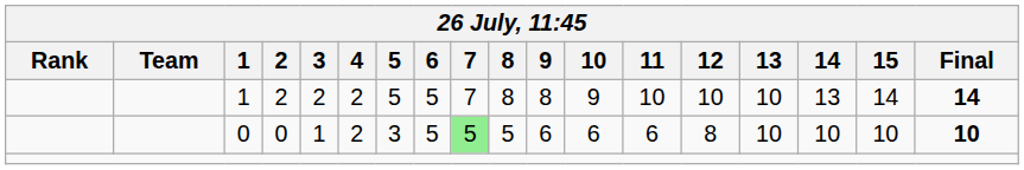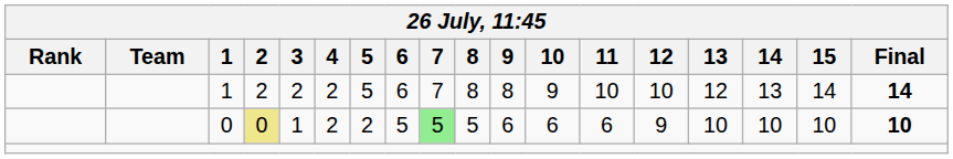 <table class=wikitable style="text-align:center; width: 55%">
 <tr>
 <th colspan=18><em>26 July, 11:45</em></th>
 </tr>
 <tr>
 <th>Rank</th>
 <th>Team</th>
 <th>1</th>
 <th>2</th>
 <th>3</th>
 <th>4</th>
 <th>5</th>
 <th>6</th>
 <th>7</th>
 <th>8</th>
 <th>9</th>
 <th>10</th>
 <th>11</th>
 <th>12</th>
 <th>13</th>
 <th>14</th>
 <th>15</th>
 <th>Final</th>
 </tr>
 <tr>
 <td></td>
 <td align=left><strong></strong></td>
 <td>1</td>
 <td>2</td>
 <td>2</td>
 <td>2</td>
 <td>5</td>
-<td>5</td>
+<td>6</td>
 <td>7</td>
 <td>8</td>
 <td>8</td>
 <td>9</td>
 <td>10</td>
 <td>10</td>
-<td>10</td>
+<td>12</td>
 <td>13</td>
 <td>14</td>
 <td><strong>14</strong></td>
 </tr>
 <tr>
 <td></td>
 <td align=left></td>
 <td>0</td>
-<td>0</td>
+<td style="background: khaki;">0</td>
 <td>1</td>
 <td>2</td>
-<td>3</td>
+<td>2</td>
 <td>5</td>
 <td style="background: lightgreen;">5</td>
 <td>5</td>
 <td>6</td>
 <td>6</td>
 <td>6</td>
-<td>8</td>
+<td>9</td>
 <td>10</td>
 <td>10</td>
 <td>10</td>
 <td><strong>10</strong></td>
 </tr>
 <tr>
 <td colspan=18></td>
 </tr>
 </table>
